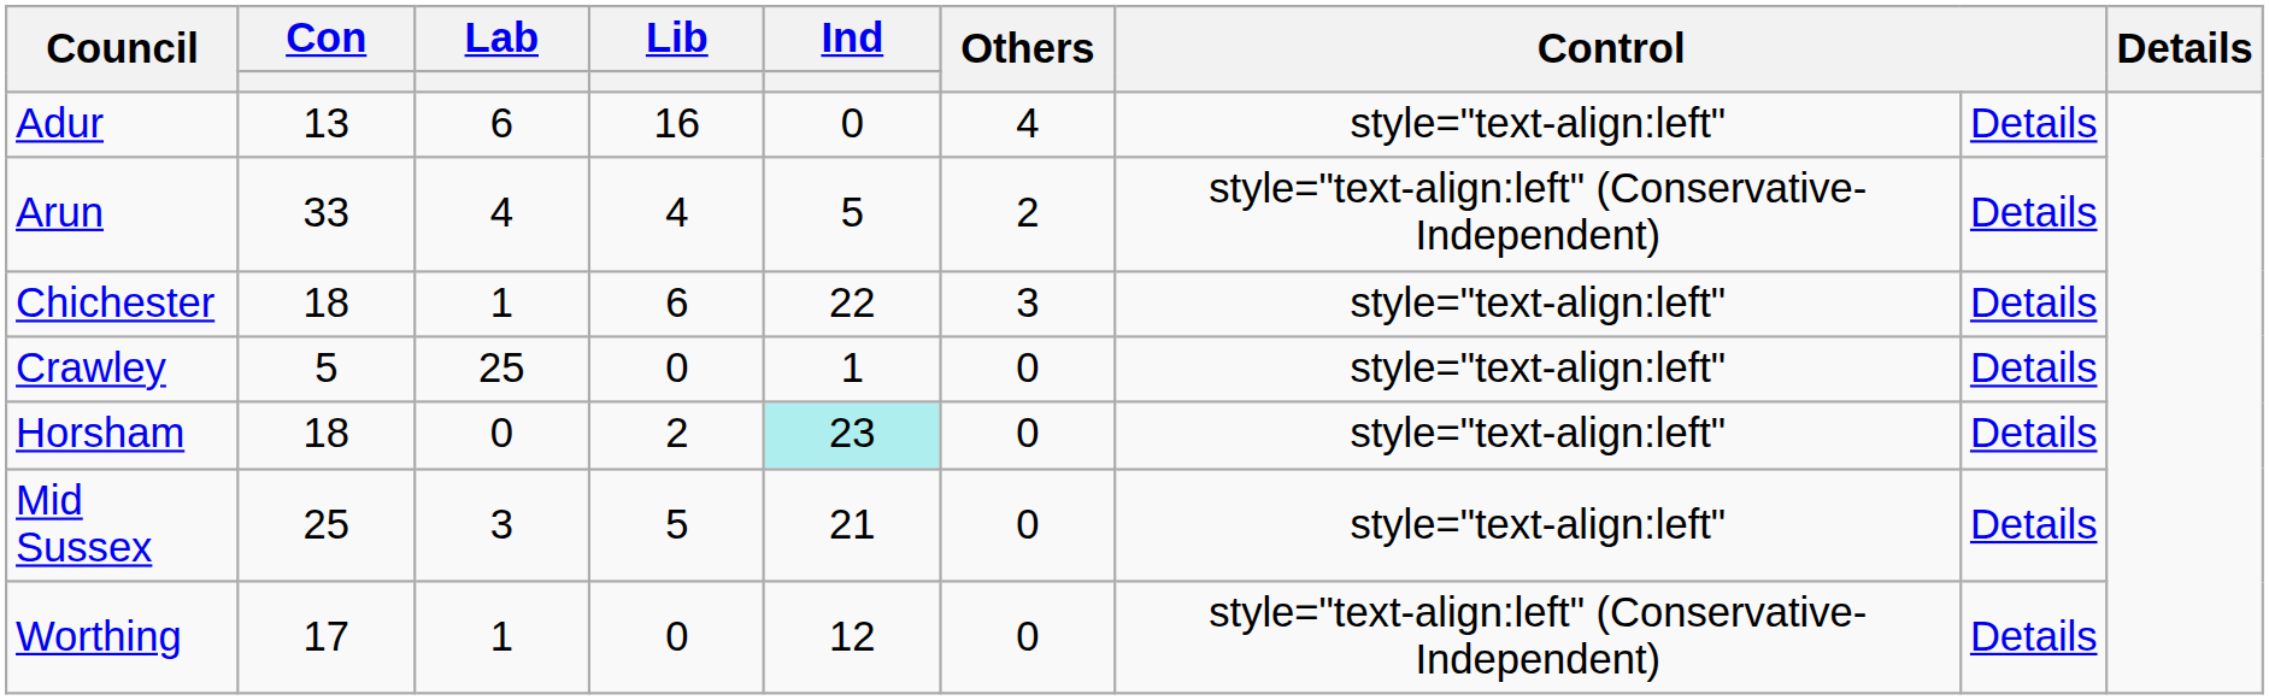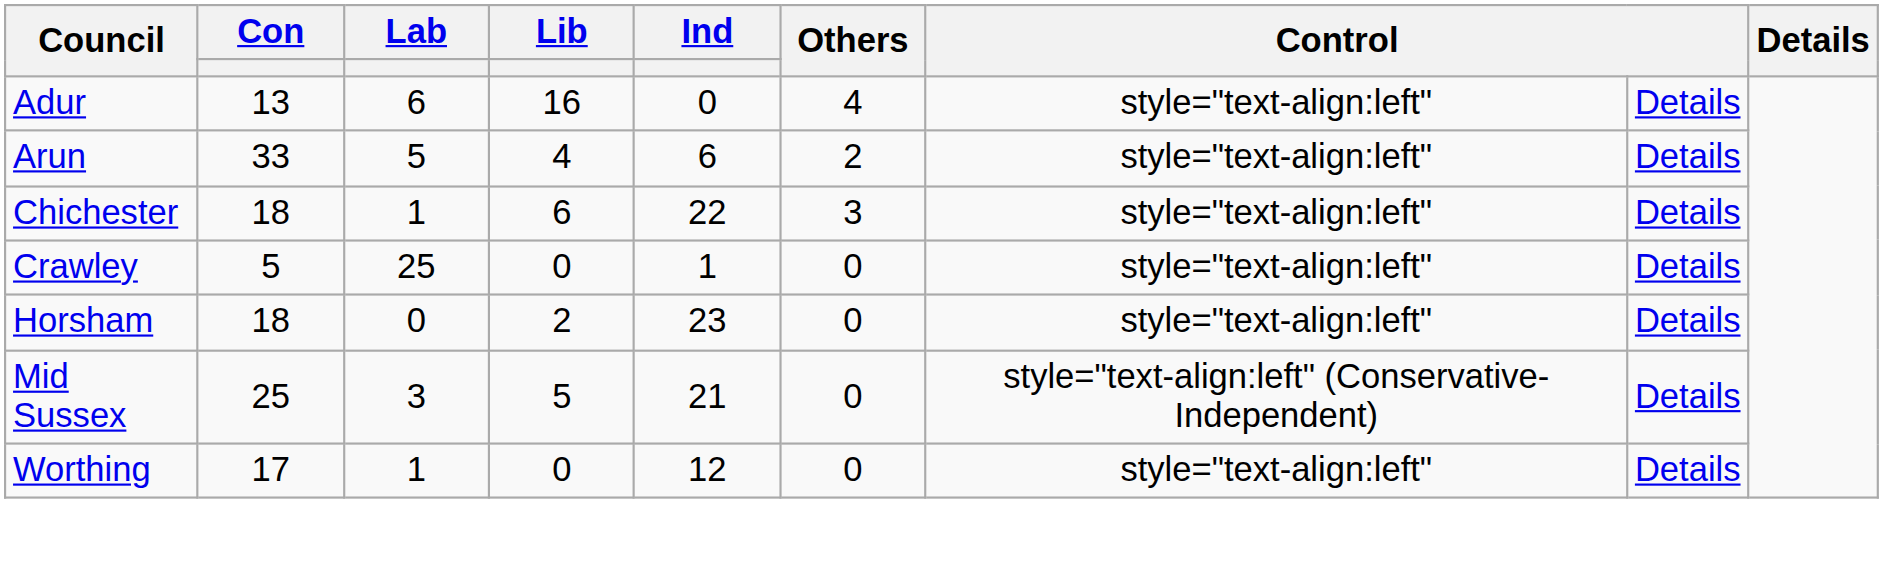 <table class="wikitable" style="text-align:center;">
 <tr>
 <th rowspan=2>Council</th>
 <th style="width:60px;"><a href='#'>Con</a></th>
 <th style="width:60px;"><a href='#'>Lab</a></th>
 <th style="width:60px;"><a href='#'>Lib</a></th>
 <th style="width:60px;"><a href='#'>Ind</a></th>
 <th style="width:60px;" rowspan=2>Others</th>
 <th rowspan=2 colspan=2>Control</th>
 <th rowspan=2>Details</th>
 </tr>
 <tr>
 <th style="background:"></th>
 <th style="background:"></th>
 <th style="background:"></th>
 <th style="background:"></th>
 </tr>
 <tr>
 <td style="text-align:left"><a href='#'>Adur</a></td>
 <td>13</td>
 <td>6</td>
 <td>16</td>
 <td>0</td>
 <td>4</td>
 <td>style="text-align:left" </td>
 <td style="text-align:left"><a href='#'>Details</a></td>
 </tr>
 <tr>
 <td style="text-align:left"><a href='#'>Arun</a></td>
 <td>33</td>
+<td>5</td>
 <td>4</td>
-<td>4</td>
-<td>5</td>
+<td>6</td>
 <td>2</td>
-<td>style="text-align:left"  (Conservative-Independent)</td>
+<td>style="text-align:left" </td>
 <td style="text-align:left"><a href='#'>Details</a></td>
 </tr>
 <tr>
 <td style="text-align:left"><a href='#'>Chichester</a></td>
 <td>18</td>
 <td>1</td>
 <td>6</td>
 <td>22</td>
 <td>3</td>
 <td>style="text-align:left" </td>
 <td style="text-align:left"><a href='#'>Details</a></td>
 </tr>
 <tr>
 <td style="text-align:left"><a href='#'>Crawley</a></td>
 <td>5</td>
 <td>25</td>
 <td>0</td>
 <td>1</td>
 <td>0</td>
 <td>style="text-align:left" </td>
 <td style="text-align:left"><a href='#'>Details</a></td>
 </tr>
 <tr>
 <td style="text-align:left"><a href='#'>Horsham</a></td>
 <td>18</td>
 <td>0</td>
 <td>2</td>
-<td style="background: paleturquoise;">23</td>
+<td>23</td>
 <td>0</td>
 <td>style="text-align:left" </td>
 <td style="text-align:left"><a href='#'>Details</a></td>
 </tr>
 <tr>
 <td style="text-align:left"><a href='#'>Mid Sussex</a></td>
 <td>25</td>
 <td>3</td>
 <td>5</td>
 <td>21</td>
 <td>0</td>
-<td>style="text-align:left" </td>
+<td>style="text-align:left"  (Conservative-Independent)</td>
 <td style="text-align:left"><a href='#'>Details</a></td>
 </tr>
 <tr>
 <td style="text-align:left"><a href='#'>Worthing</a></td>
 <td>17</td>
 <td>1</td>
 <td>0</td>
 <td>12</td>
 <td>0</td>
-<td>style="text-align:left"  (Conservative-Independent)</td>
+<td>style="text-align:left" </td>
 <td style="text-align:left"><a href='#'>Details</a></td>
 </tr>
 </table>
